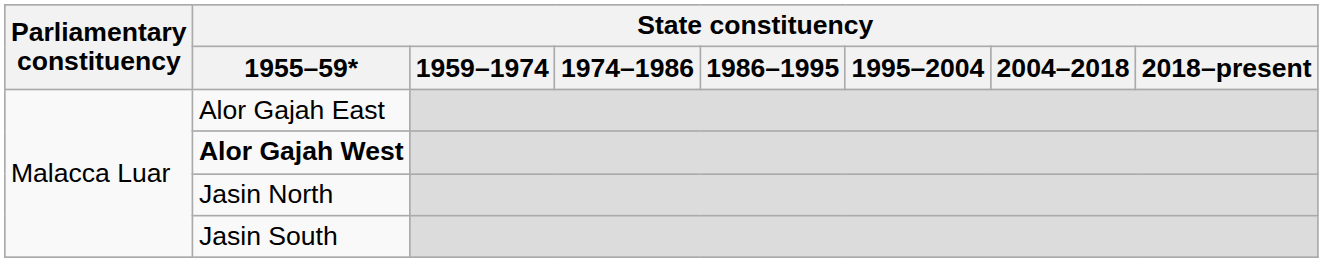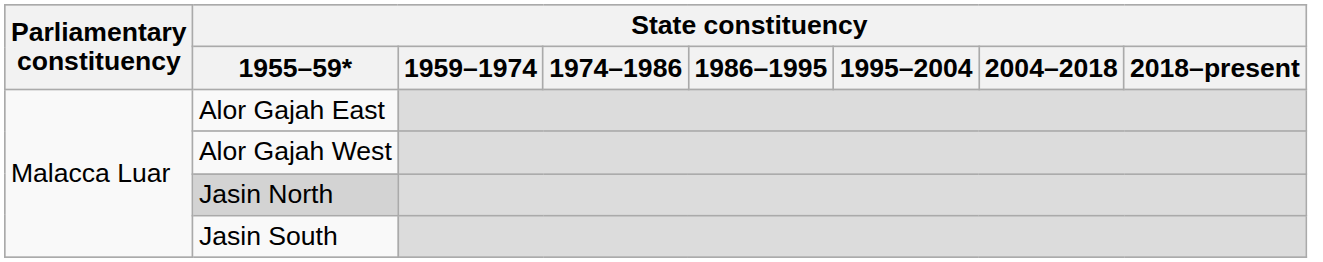 <table class="wikitable">
 <tr>
 <th rowspan="2">Parliamentary<br>constituency</th>
 <th colspan="7">State constituency</th>
 </tr>
 <tr>
 <th>1955–59*</th>
 <th>1959–1974</th>
 <th>1974–1986</th>
 <th>1986–1995</th>
 <th>1995–2004</th>
 <th>2004–2018</th>
 <th>2018–present</th>
 </tr>
 <tr>
 <td rowspan="4">Malacca Luar</td>
 <td>Alor Gajah East</td>
 <td colspan="6" bgcolor="dcdcdc"></td>
 </tr>
 <tr>
-<td><strong>Alor Gajah West</strong></td>
+<td>Alor Gajah West</td>
 <td colspan="6" bgcolor="dcdcdc"></td>
 </tr>
 <tr>
-<td>Jasin North</td>
+<td style="background: lightgrey;">Jasin North</td>
 <td colspan="6" bgcolor="dcdcdc"></td>
 </tr>
 <tr>
 <td>Jasin South</td>
 <td colspan="6" bgcolor="dcdcdc"></td>
 </tr>
 </table>
